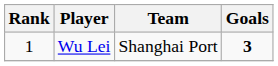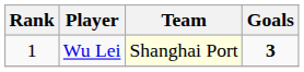 <table class=wikitable style="text-align:center;">
 <tr>
 <th>Rank</th>
 <th>Player</th>
 <th>Team</th>
 <th>Goals</th>
 </tr>
 <tr>
 <td>1</td>
 <td align=left> <a href='#'>Wu Lei</a></td>
-<td>Shanghai Port</td>
+<td style="background: lightyellow;">Shanghai Port</td>
 <td><strong>3</strong></td>
 </tr>
 <tr>
 </tr>
 </table>
